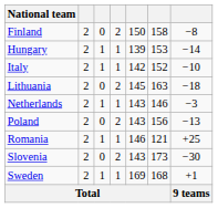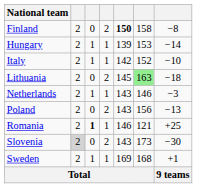 <table class="wikitable sortable" style="text-align: center;">
 <tr>
 <th>National team</th>
 <th width="15"></th>
 <th width="15"></th>
 <th width="15"></th>
 <th></th>
 <th></th>
 <th></th>
 </tr>
 <tr>
 <td align="left"> <a href='#'>Finland</a></td>
 <td>2</td>
 <td>0</td>
 <td>2</td>
-<td>150</td>
+<td><strong>150</strong></td>
 <td>158</td>
 <td>−8</td>
 </tr>
 <tr>
 <td align="left"> <a href='#'>Hungary</a></td>
 <td>2</td>
 <td>1</td>
 <td>1</td>
 <td>139</td>
 <td>153</td>
 <td>−14</td>
 </tr>
 <tr>
 <td align="left"> <a href='#'>Italy</a></td>
 <td>2</td>
 <td>1</td>
 <td>1</td>
 <td>142</td>
 <td>152</td>
 <td>−10</td>
 </tr>
 <tr>
 <td align="left"> <a href='#'>Lithuania</a></td>
 <td>2</td>
 <td>0</td>
 <td>2</td>
 <td>145</td>
-<td>163</td>
+<td style="background: lightgreen;">163</td>
 <td>−18</td>
 </tr>
 <tr>
 <td align="left"> <a href='#'>Netherlands</a></td>
 <td>2</td>
 <td>1</td>
 <td>1</td>
 <td>143</td>
 <td>146</td>
 <td>−3</td>
 </tr>
 <tr>
 <td align="left"> <a href='#'>Poland</a></td>
 <td>2</td>
 <td>0</td>
 <td>2</td>
 <td>143</td>
 <td>156</td>
 <td>−13</td>
 </tr>
 <tr>
 <td align="left"> <a href='#'>Romania</a></td>
 <td>2</td>
-<td>1</td>
+<td><strong>1</strong></td>
 <td>1</td>
 <td>146</td>
 <td>121</td>
 <td>+25</td>
 </tr>
 <tr>
 <td align="left"> <a href='#'>Slovenia</a></td>
-<td>2</td>
+<td style="background: lightgrey;">2</td>
 <td>0</td>
 <td>2</td>
 <td>143</td>
 <td>173</td>
 <td>−30</td>
 </tr>
 <tr>
 <td align="left"> <a href='#'>Sweden</a></td>
 <td>2</td>
 <td>1</td>
 <td>1</td>
 <td>169</td>
 <td>168</td>
 <td>+1</td>
 </tr>
 <tr>
 <th colspan=6>Total</th>
 <th>9 teams</th>
 </tr>
 </table>
